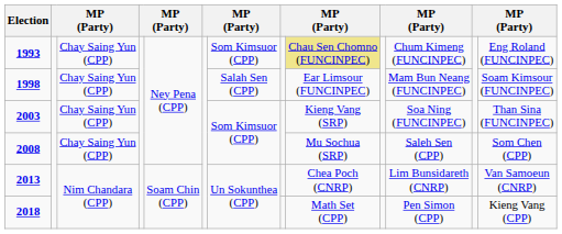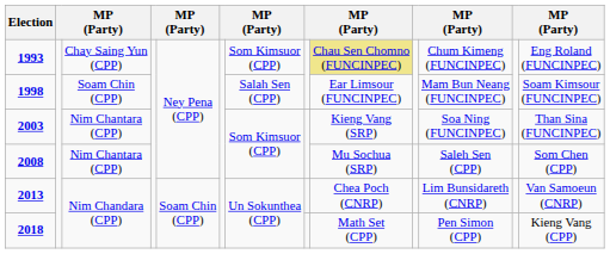 <table class="wikitable" style="text-align:center">
 <tr>
 <th>Election</th>
 <th colspan=2>MP<br>(Party)</th>
 <th colspan=2>MP<br>(Party)</th>
 <th colspan=2>MP<br>(Party)</th>
 <th colspan=2>MP<br>(Party)</th>
 <th colspan=2>MP<br>(Party)</th>
 <th colspan=2>MP<br>(Party)</th>
 </tr>
 <tr>
 <td><strong><a href='#'>1993</a></strong></td>
 <td rowspan=6; style="background-color: "></td>
 <td rowspan=1><a href='#'>Chay Saing Yun</a><br>(<a href='#'>CPP</a>)</td>
 <td rowspan=6; style="background-color: "></td>
 <td rowspan=4><a href='#'>Ney Pena</a><br>(<a href='#'>CPP</a>)</td>
 <td rowspan=6; style="background-color: "></td>
 <td rowspan=1><a href='#'>Som Kimsuor</a><br>(<a href='#'>CPP</a>)</td>
 <td rowspan=2; style="background-color: "></td>
 <td rowspan=1 style="background: khaki;"><a href='#'>Chau Sen Chomno</a><br>(<a href='#'>FUNCINPEC</a>)</td>
 <td rowspan=3; style="background-color: "></td>
 <td rowspan=1><a href='#'>Chum Kimeng</a><br>(<a href='#'>FUNCINPEC</a>)</td>
 <td rowspan=3; style="background-color: "></td>
 <td rowspan=1><a href='#'>Eng Roland</a><br>(<a href='#'>FUNCINPEC</a>)</td>
 </tr>
 <tr>
 <td><strong><a href='#'>1998</a></strong></td>
-<td rowspan=1><a href='#'>Chay Saing Yun</a><br>(<a href='#'>CPP</a>)</td>
+<td rowspan=1><a href='#'>Soam Chin</a><br>(<a href='#'>CPP</a>)</td>
 <td rowspan=1><a href='#'>Salah Sen</a><br>(<a href='#'>CPP</a>)</td>
 <td rowspan=1><a href='#'>Ear Limsour</a><br>(<a href='#'>FUNCINPEC</a>)</td>
 <td rowspan=1><a href='#'>Mam Bun Neang</a><br>(<a href='#'>FUNCINPEC</a>)</td>
 <td rowspan=1><a href='#'>Soam Kimsour</a><br>(<a href='#'>FUNCINPEC</a>)</td>
 </tr>
 <tr>
 <td><strong><a href='#'>2003</a></strong></td>
-<td rowspan=1><a href='#'>Chay Saing Yun</a><br>(<a href='#'>CPP</a>)</td>
+<td rowspan=1><a href='#'>Nim Chantara</a><br>(<a href='#'>CPP</a>)</td>
 <td rowspan=2><a href='#'>Som Kimsuor</a><br>(<a href='#'>CPP</a>)</td>
 <td rowspan=2; style="background-color: "></td>
 <td rowspan=1><a href='#'>Kieng Vang</a><br>(<a href='#'>SRP</a>)</td>
 <td rowspan=1><a href='#'>Soa Ning</a><br>(<a href='#'>FUNCINPEC</a>)</td>
 <td rowspan=1><a href='#'>Than Sina</a><br>(<a href='#'>FUNCINPEC</a>)</td>
 </tr>
 <tr>
 <td><strong><a href='#'>2008</a></strong></td>
-<td rowspan=1><a href='#'>Chay Saing Yun</a><br>(<a href='#'>CPP</a>)</td>
+<td rowspan=1><a href='#'>Nim Chantara</a><br>(<a href='#'>CPP</a>)</td>
 <td rowspan=1><a href='#'>Mu Sochua</a><br>(<a href='#'>SRP</a>)</td>
 <td rowspan=1; style="background-color: "></td>
 <td rowspan=1><a href='#'>Saleh Sen</a><br>(<a href='#'>CPP</a>)</td>
 <td rowspan=1; style="background-color: "></td>
 <td rowspan=1><a href='#'>Som Chen</a><br>(<a href='#'>CPP</a>)</td>
 </tr>
 <tr>
 <td><strong><a href='#'>2013</a></strong></td>
 <td rowspan=2><a href='#'>Nim Chandara</a><br>(<a href='#'>CPP</a>)</td>
 <td rowspan=2><a href='#'>Soam Chin</a><br>(<a href='#'>CPP</a>)</td>
 <td rowspan=2><a href='#'>Un Sokunthea</a><br>(<a href='#'>CPP</a>)</td>
 <td rowspan=1; style="background-color: "></td>
 <td rowspan=1><a href='#'>Chea Poch</a><br>(<a href='#'>CNRP</a>)</td>
 <td rowspan=1; style="background-color: "></td>
 <td rowspan=1><a href='#'>Lim Bunsidareth</a><br>(<a href='#'>CNRP</a>)</td>
 <td rowspan=1; style="background-color: "></td>
 <td rowspan=1><a href='#'>Van Samoeun</a><br>(<a href='#'>CNRP</a>)</td>
 </tr>
 <tr>
 <td><strong><a href='#'>2018</a></strong></td>
 <td rowspan=1; style="background-color: "></td>
 <td rowspan=1><a href='#'>Math Set</a><br>(<a href='#'>CPP</a>)</td>
 <td rowspan=1; style="background-color: "></td>
 <td rowspan=1><a href='#'>Pen Simon</a><br>(<a href='#'>CPP</a>)</td>
 <td rowspan=1; style="background-color: "></td>
 <td>Kieng Vang<br>(<a href='#'>CPP</a>)</td>
 </tr>
 </table>
